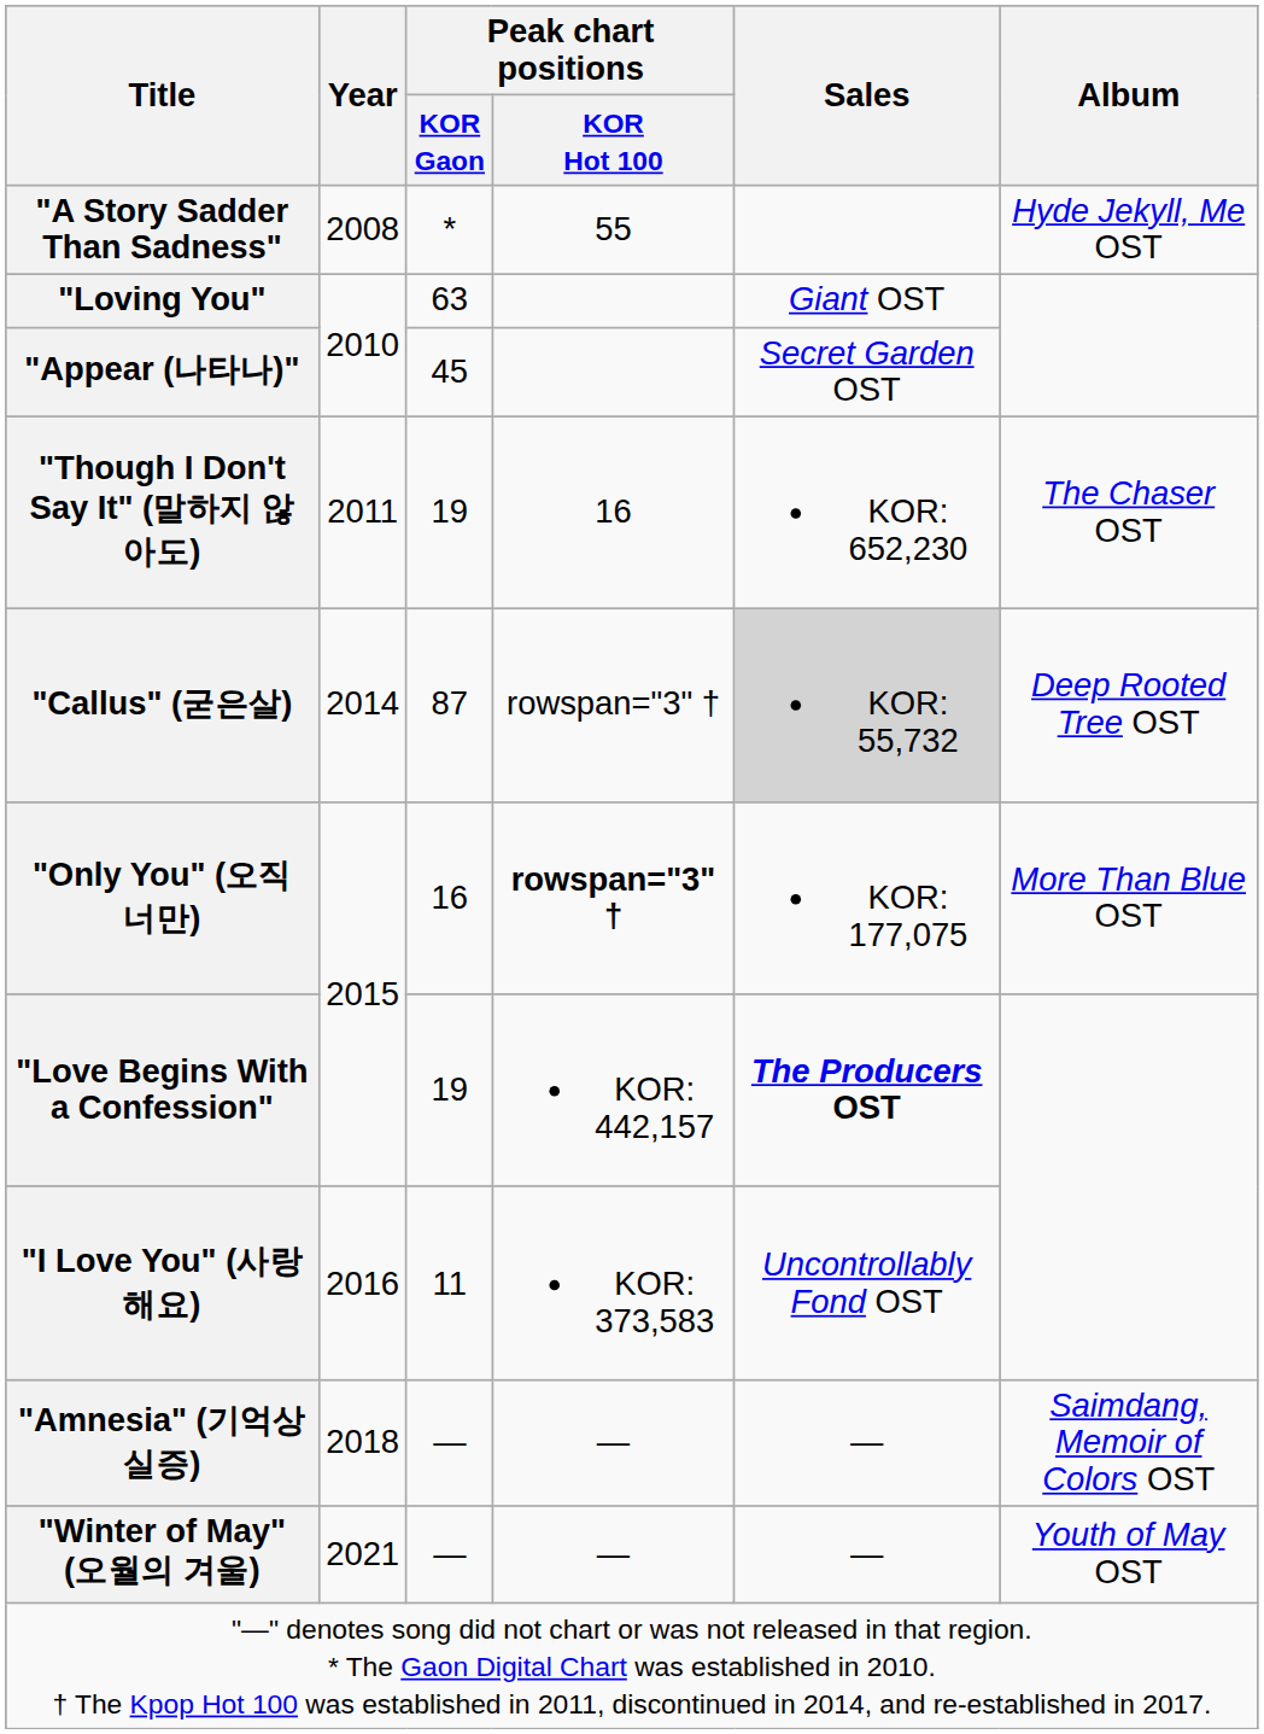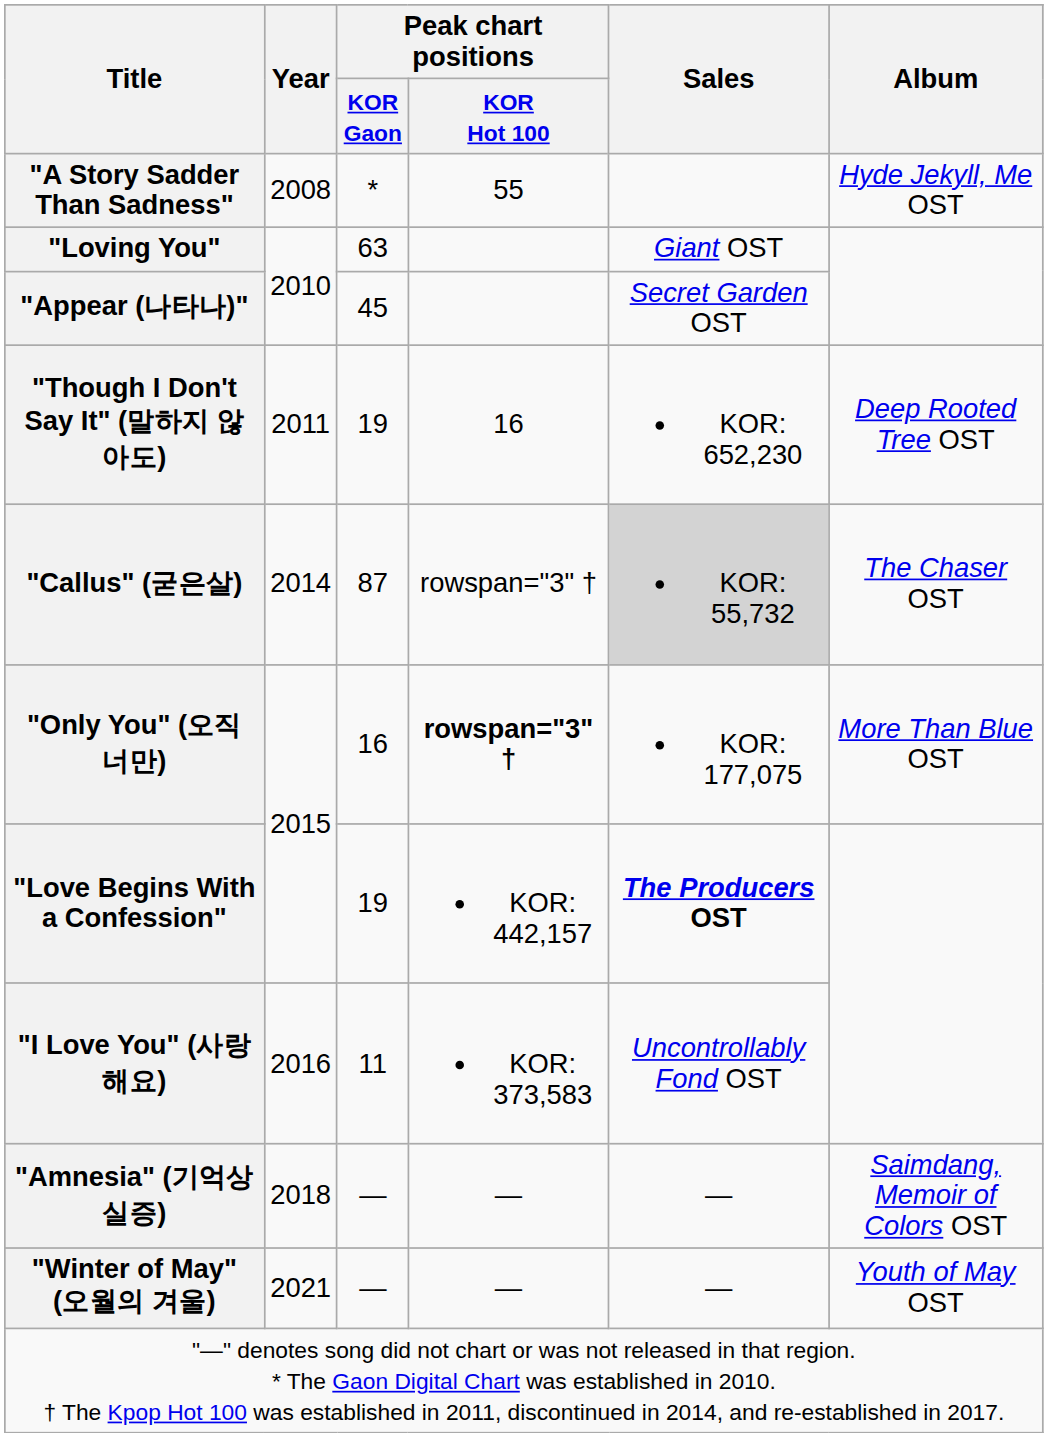 <table class="wikitable plainrowheaders" style="text-align:center;">
 <tr>
 <th scope="col" rowspan="2">Title</th>
 <th scope="col" rowspan="2">Year</th>
 <th scope="col" colspan="2" style="width:5em;">Peak chart positions</th>
 <th scope="col" rowspan="2">Sales</th>
 <th scope="col" rowspan="2">Album</th>
 </tr>
 <tr>
 <th><small><a href='#'>KOR<br>Gaon</a></small><br></th>
 <th><small><a href='#'>KOR<br>Hot 100</a></small><br></th>
 </tr>
 <tr>
 <th scope="row">"A Story Sadder Than Sadness"</th>
 <td>2008</td>
 <td>*</td>
 <td>55</td>
 <td></td>
 <td><em><a href='#'>Hyde Jekyll, Me</a></em> OST</td>
 </tr>
 <tr>
 <th scope="row">"Loving You"</th>
 <td rowspan="2">2010</td>
 <td>63</td>
 <td></td>
 <td><em><a href='#'>Giant</a></em> OST</td>
 </tr>
 <tr>
 <th scope="row">"Appear (나타나)"</th>
 <td>45</td>
 <td></td>
 <td><em><a href='#'>Secret Garden</a></em> OST</td>
 </tr>
 <tr>
 <th scope="row">"Though I Don't Say It" (말하지 않아도)</th>
 <td>2011</td>
 <td>19</td>
 <td>16</td>
 <td><br><ul><li>KOR: 652,230</li></ul></td>
-<td><em><a href='#'>The Chaser</a></em> OST</td>
+<td><em><a href='#'>Deep Rooted Tree</a></em> OST</td>
 </tr>
 <tr>
 <th scope="row">"Callus" (굳은살)</th>
 <td>2014</td>
 <td>87</td>
 <td>rowspan="3" †</td>
 <td style="background: lightgrey;"><br><ul><li>KOR: 55,732</li></ul></td>
-<td><em><a href='#'>Deep Rooted Tree</a></em> OST</td>
+<td><em><a href='#'>The Chaser</a></em> OST</td>
 </tr>
 <tr>
 <th scope="row">"Only You" (오직 너만)</th>
 <td rowspan="2">2015</td>
 <td>16</td>
 <td><strong>rowspan="3" †</strong></td>
 <td><br><ul><li>KOR: 177,075</li></ul></td>
 <td><em><a href='#'>More Than Blue</a></em> OST</td>
 </tr>
 <tr>
 <th scope="row">"Love Begins With a Confession"</th>
 <td>19</td>
 <td><br><ul><li>KOR: 442,157</li></ul></td>
 <td><strong><em><a href='#'>The Producers</a></em> OST</strong></td>
 </tr>
 <tr>
 <th scope="row">"I Love You" (사랑해요)</th>
 <td>2016</td>
 <td>11</td>
 <td><br><ul><li>KOR: 373,583</li></ul></td>
 <td><em><a href='#'>Uncontrollably Fond</a></em> OST</td>
 </tr>
 <tr>
 <th scope="row">"Amnesia" (기억상실증)</th>
 <td>2018</td>
 <td>—</td>
 <td>—</td>
 <td>—</td>
 <td><em><a href='#'>Saimdang, Memoir of Colors</a></em> OST</td>
 </tr>
 <tr>
 <th scope="row">"Winter of May" (오월의 겨울)</th>
 <td>2021</td>
 <td>—</td>
 <td>—</td>
 <td>—</td>
 <td><em><a href='#'>Youth of May</a></em> OST</td>
 </tr>
 <tr>
 <td colspan="6" align="center"><small>"—" denotes song did not chart or was not released in that region.<br>* The <a href='#'>Gaon Digital Chart</a> was established in 2010.<br>† The <a href='#'>Kpop Hot 100</a> was established in 2011, discontinued in 2014, and re-established in 2017.</small></td>
 </tr>
 </table>
